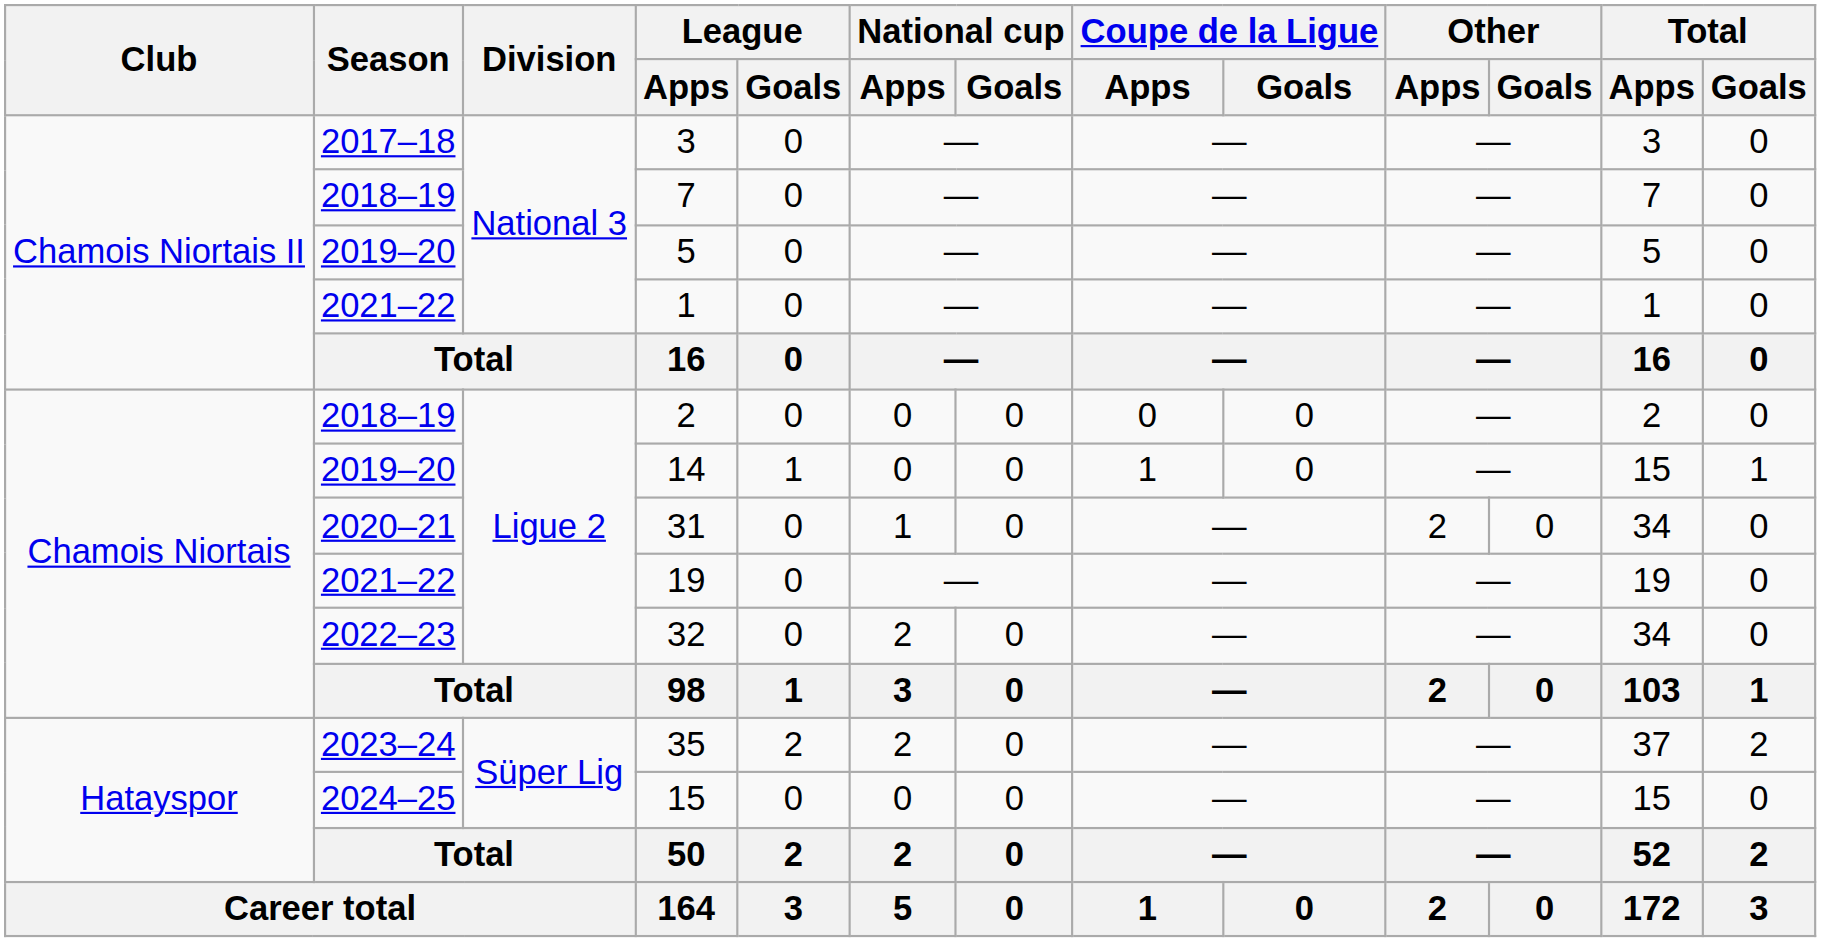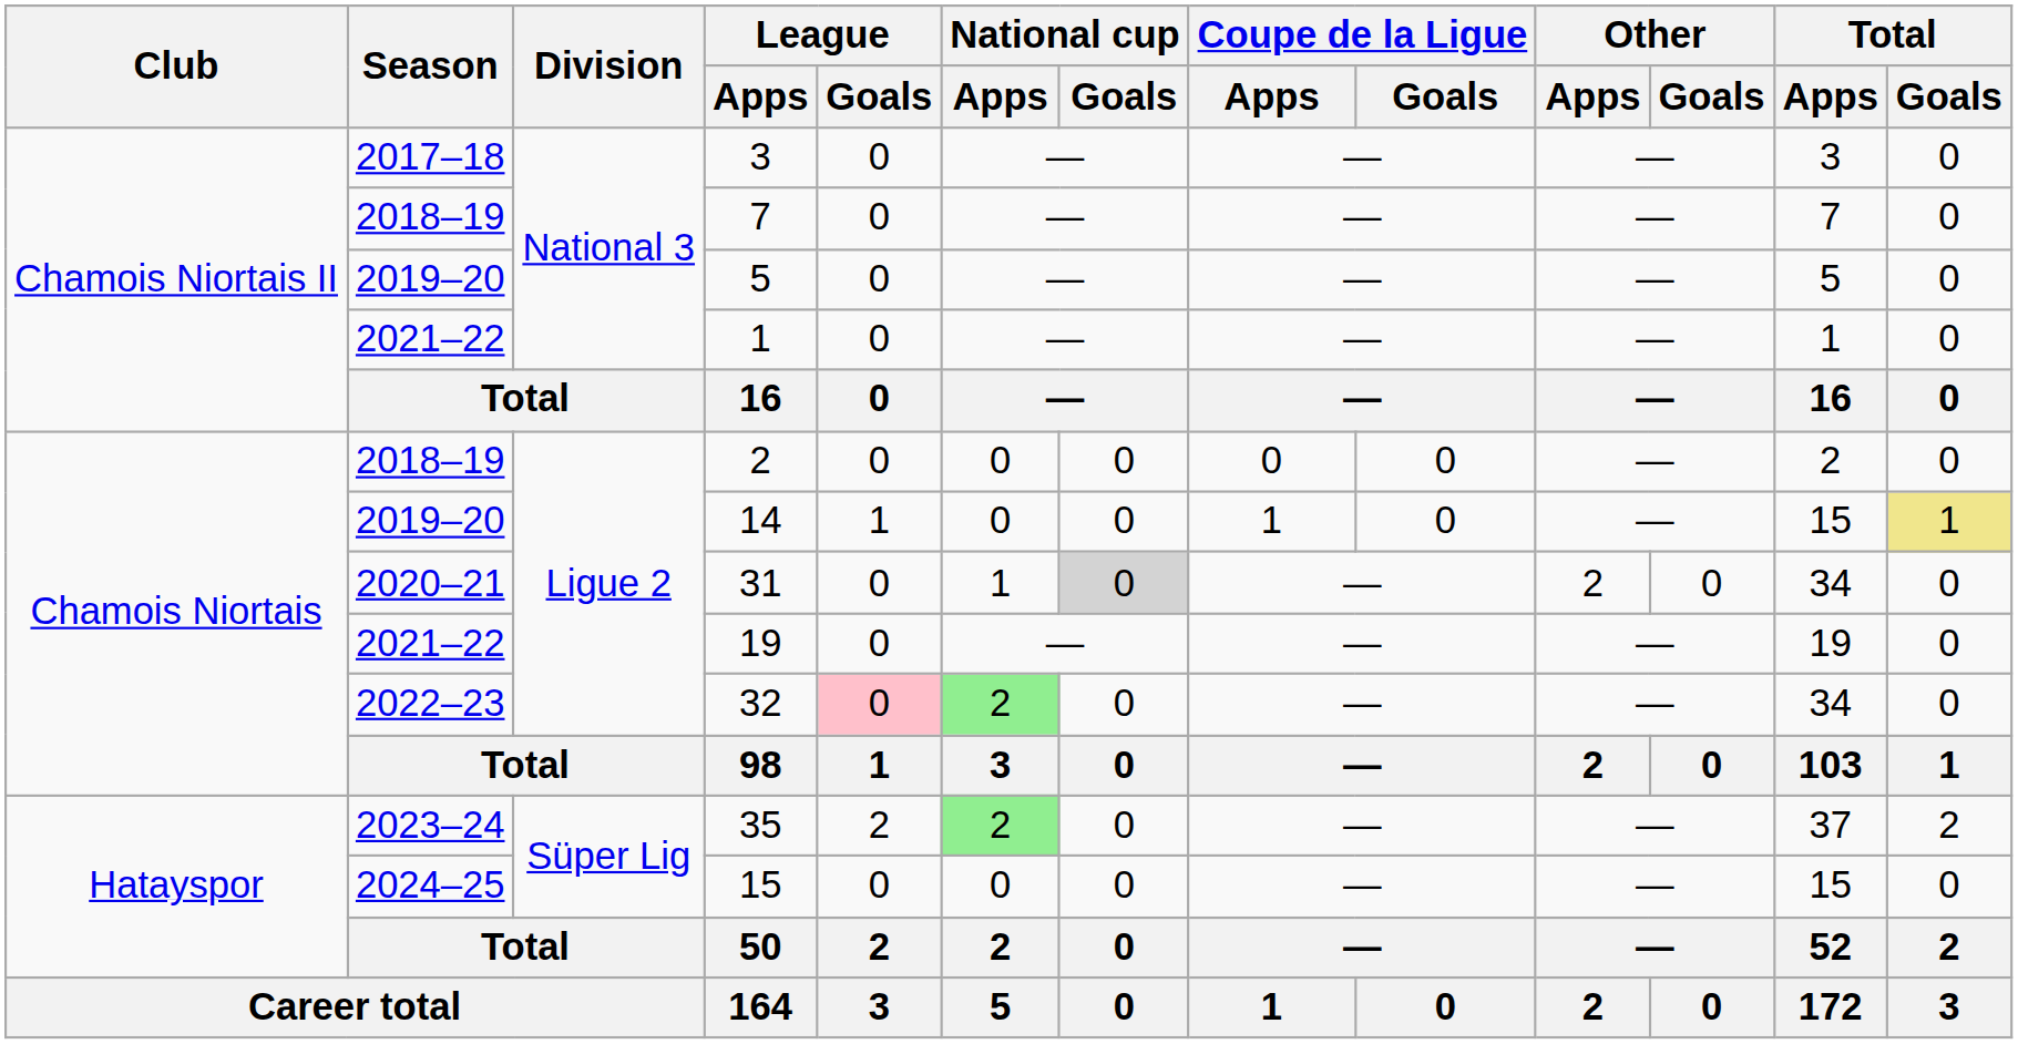 <table class="wikitable" style="text-align: center">
 <tr>
 <th rowspan="2">Club</th>
 <th rowspan="2">Season</th>
 <th rowspan="2">Division</th>
 <th colspan="2">League</th>
 <th colspan="2">National cup</th>
 <th colspan="2"><a href='#'>Coupe de la Ligue</a></th>
 <th colspan="2">Other</th>
 <th colspan="2">Total</th>
 </tr>
 <tr>
 <th>Apps</th>
 <th>Goals</th>
 <th>Apps</th>
 <th>Goals</th>
 <th>Apps</th>
 <th>Goals</th>
 <th>Apps</th>
 <th>Goals</th>
 <th>Apps</th>
 <th>Goals</th>
 </tr>
 <tr>
 <td rowspan="5"><a href='#'>Chamois Niortais II</a></td>
 <td><a href='#'>2017–18</a></td>
 <td rowspan="4"><a href='#'>National 3</a></td>
 <td>3</td>
 <td>0</td>
 <td colspan="2">—</td>
 <td colspan="2">—</td>
 <td colspan="2">—</td>
 <td>3</td>
 <td>0</td>
 </tr>
 <tr>
 <td><a href='#'>2018–19</a></td>
 <td>7</td>
 <td>0</td>
 <td colspan="2">—</td>
 <td colspan="2">—</td>
 <td colspan="2">—</td>
 <td>7</td>
 <td>0</td>
 </tr>
 <tr>
 <td><a href='#'>2019–20</a></td>
 <td>5</td>
 <td>0</td>
 <td colspan="2">—</td>
 <td colspan="2">—</td>
 <td colspan="2">—</td>
 <td>5</td>
 <td>0</td>
 </tr>
 <tr>
 <td><a href='#'>2021–22</a></td>
 <td>1</td>
 <td>0</td>
 <td colspan="2">—</td>
 <td colspan="2">—</td>
 <td colspan="2">—</td>
 <td>1</td>
 <td>0</td>
 </tr>
 <tr>
 <th colspan="2">Total</th>
 <th>16</th>
 <th>0</th>
 <th colspan="2">—</th>
 <th colspan="2">—</th>
 <th colspan="2">—</th>
 <th>16</th>
 <th>0</th>
 </tr>
 <tr>
 <td rowspan="6"><a href='#'>Chamois Niortais</a></td>
 <td><a href='#'>2018–19</a></td>
 <td rowspan="5"><a href='#'>Ligue 2</a></td>
 <td>2</td>
 <td>0</td>
 <td>0</td>
 <td>0</td>
 <td>0</td>
 <td>0</td>
 <td colspan="2">—</td>
 <td>2</td>
 <td>0</td>
 </tr>
 <tr>
 <td><a href='#'>2019–20</a></td>
 <td>14</td>
 <td>1</td>
 <td>0</td>
 <td>0</td>
 <td>1</td>
 <td>0</td>
 <td colspan="2">—</td>
 <td>15</td>
-<td>1</td>
+<td style="background: khaki;">1</td>
 </tr>
 <tr>
 <td><a href='#'>2020–21</a></td>
 <td>31</td>
 <td>0</td>
 <td>1</td>
-<td>0</td>
+<td style="background: lightgrey;">0</td>
 <td colspan="2">—</td>
 <td>2</td>
 <td>0</td>
 <td>34</td>
 <td>0</td>
 </tr>
 <tr>
 <td><a href='#'>2021–22</a></td>
 <td>19</td>
 <td>0</td>
 <td colspan="2">—</td>
 <td colspan="2">—</td>
 <td colspan="2">—</td>
 <td>19</td>
 <td>0</td>
 </tr>
 <tr>
 <td><a href='#'>2022–23</a></td>
 <td>32</td>
-<td>0</td>
-<td>2</td>
+<td style="background: pink;">0</td>
+<td style="background: lightgreen;">2</td>
 <td>0</td>
 <td colspan="2">—</td>
 <td colspan="2">—</td>
 <td>34</td>
 <td>0</td>
 </tr>
 <tr>
 <th colspan="2">Total</th>
 <th>98</th>
 <th>1</th>
 <th>3</th>
 <th>0</th>
 <th colspan="2">—</th>
 <th>2</th>
 <th>0</th>
 <th>103</th>
 <th>1</th>
 </tr>
 <tr>
 <td rowspan="3"><a href='#'>Hatayspor</a></td>
 <td><a href='#'>2023–24</a></td>
 <td rowspan="2"><a href='#'>Süper Lig</a></td>
 <td>35</td>
 <td>2</td>
-<td>2</td>
+<td style="background: lightgreen;">2</td>
 <td>0</td>
 <td colspan="2">—</td>
 <td colspan="2">—</td>
 <td>37</td>
 <td>2</td>
 </tr>
 <tr>
 <td><a href='#'>2024–25</a></td>
 <td>15</td>
 <td>0</td>
 <td>0</td>
 <td>0</td>
 <td colspan="2">—</td>
 <td colspan="2">—</td>
 <td>15</td>
 <td>0</td>
 </tr>
 <tr>
 <th colspan="2">Total</th>
 <th>50</th>
 <th>2</th>
 <th>2</th>
 <th>0</th>
 <th colspan="2">—</th>
 <th colspan="2">—</th>
 <th>52</th>
 <th>2</th>
 </tr>
 <tr>
 <th colspan="3">Career total</th>
 <th>164</th>
 <th>3</th>
 <th>5</th>
 <th>0</th>
 <th>1</th>
 <th>0</th>
 <th>2</th>
 <th>0</th>
 <th>172</th>
 <th>3</th>
 </tr>
 </table>
